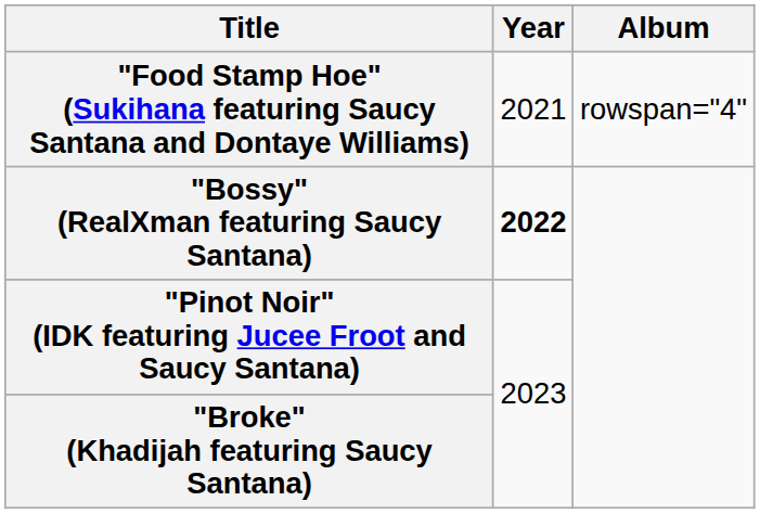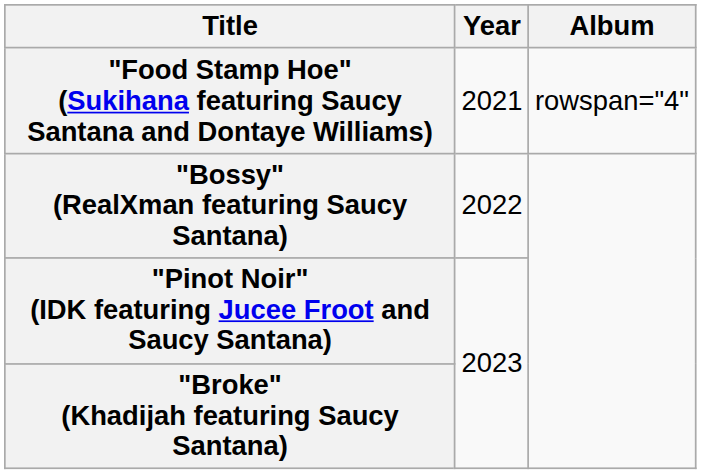 <table class="wikitable plainrowheaders" style="text-align:center;">
 <tr>
 <th scope="col" style="width:16em;">Title</th>
 <th scope="col">Year</th>
 <th scope="col">Album</th>
 </tr>
 <tr>
 <th scope="row">"Food Stamp Hoe"<br><span>(<a href='#'>Sukihana</a> featuring Saucy Santana and Dontaye Williams)</span></th>
 <td>2021</td>
 <td>rowspan="4" </td>
 </tr>
 <tr>
 <th scope="row">"Bossy"<br><span>(RealXman featuring Saucy Santana)</span></th>
-<td><strong>2022</strong></td>
+<td>2022</td>
 </tr>
 <tr>
 <th scope="row">"Pinot Noir"<br><span>(IDK featuring <a href='#'>Jucee Froot</a> and Saucy Santana)</span></th>
 <td rowspan="2">2023</td>
 </tr>
 <tr>
 <th scope="row">"Broke"<br><span>(Khadijah featuring Saucy Santana)</span></th>
 </tr>
 </table>
